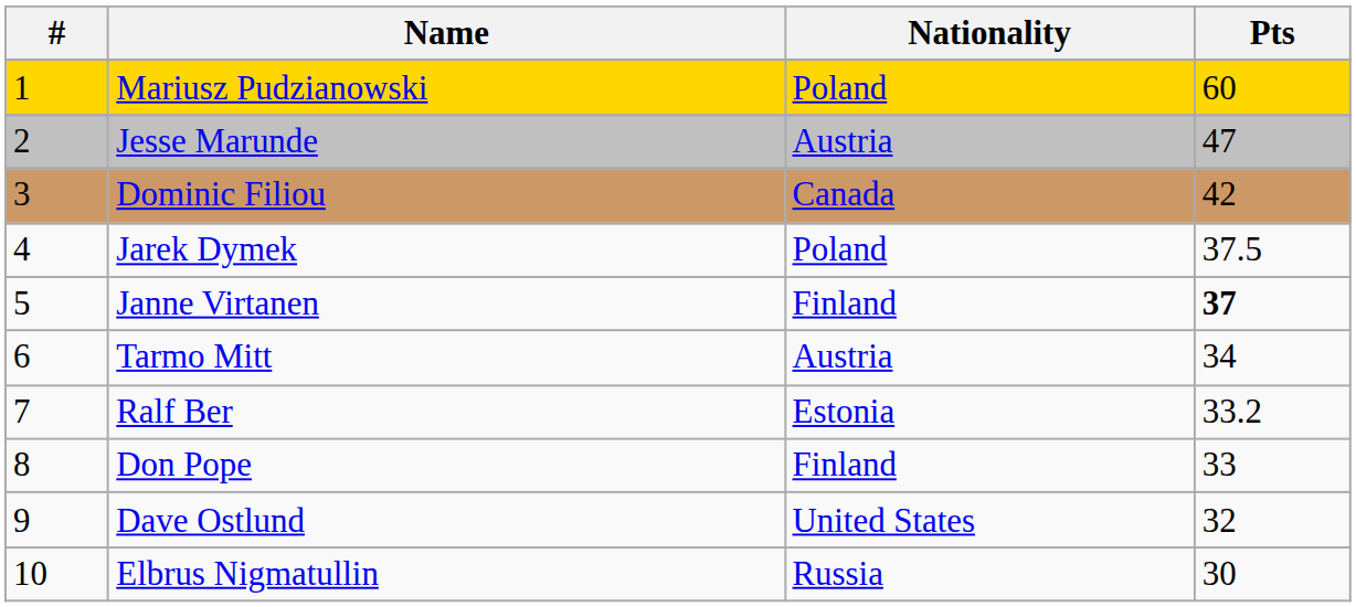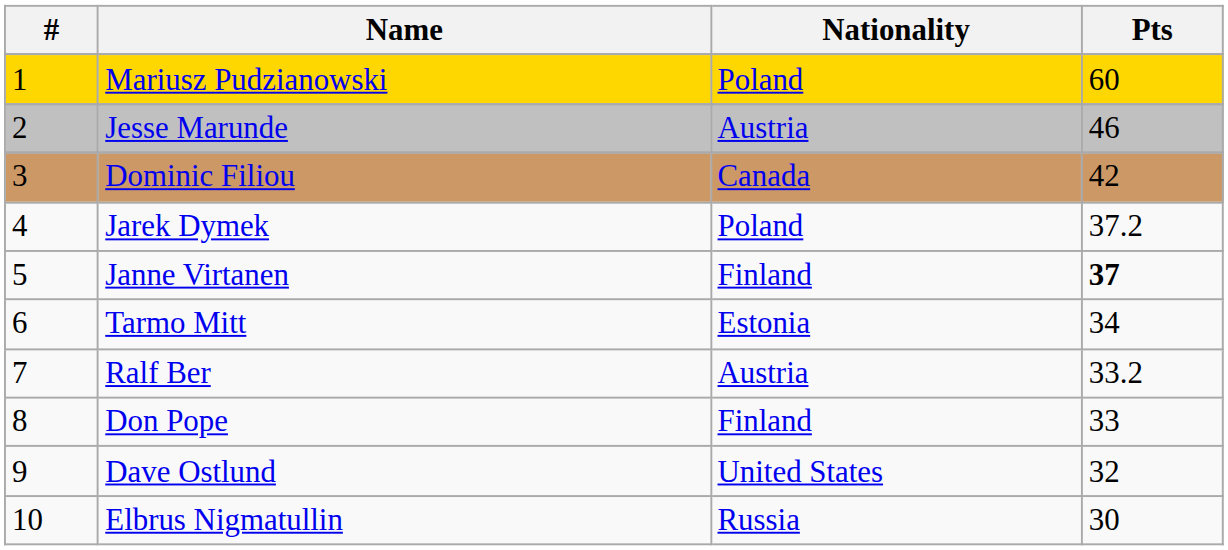 <table class="wikitable" style="display: inline-table; width: 50%;">
 <tr>
 <th>#</th>
 <th>Name</th>
 <th>Nationality</th>
 <th>Pts</th>
 </tr>
 <tr>
 </tr>
 <tr style="background:gold;">
 <td>1</td>
 <td><a href='#'>Mariusz Pudzianowski</a></td>
 <td> <a href='#'>Poland</a></td>
 <td>60</td>
 </tr>
 <tr>
 </tr>
 <tr style="background:silver;">
 <td>2</td>
 <td><a href='#'>Jesse Marunde</a></td>
 <td> <a href='#'>Austria</a></td>
-<td>47</td>
+<td>46</td>
 </tr>
 <tr>
 </tr>
 <tr style="background:#c96;">
 <td>3</td>
 <td><a href='#'>Dominic Filiou</a></td>
 <td> <a href='#'>Canada</a></td>
 <td>42</td>
 </tr>
 <tr>
 <td>4</td>
 <td><a href='#'>Jarek Dymek</a></td>
 <td> <a href='#'>Poland</a></td>
-<td>37.5</td>
+<td>37.2</td>
 </tr>
 <tr>
 <td>5</td>
 <td><a href='#'>Janne Virtanen</a></td>
 <td> <a href='#'>Finland</a></td>
 <td><strong>37</strong></td>
 </tr>
 <tr>
 <td>6</td>
 <td><a href='#'>Tarmo Mitt</a></td>
-<td> <a href='#'>Austria</a></td>
+<td> <a href='#'>Estonia</a></td>
 <td>34</td>
 </tr>
 <tr>
 <td>7</td>
 <td><a href='#'>Ralf Ber</a></td>
-<td> <a href='#'>Estonia</a></td>
+<td> <a href='#'>Austria</a></td>
 <td>33.2</td>
 </tr>
 <tr>
 <td>8</td>
 <td><a href='#'>Don Pope</a></td>
 <td> <a href='#'>Finland</a></td>
 <td>33</td>
 </tr>
 <tr>
 <td>9</td>
 <td><a href='#'>Dave Ostlund</a></td>
 <td> <a href='#'>United States</a></td>
 <td>32</td>
 </tr>
 <tr>
 <td>10</td>
 <td><a href='#'>Elbrus Nigmatullin</a></td>
 <td> <a href='#'>Russia</a></td>
 <td>30</td>
 </tr>
 </table>
